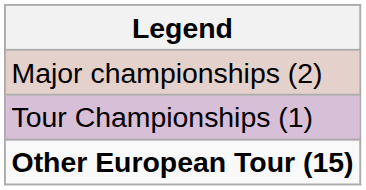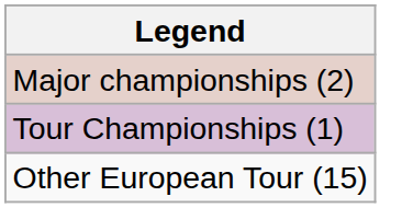 <table class="wikitable" style="font-size:95%;">
 <tr>
 <th>Legend</th>
 </tr>
 <tr style="background:#e5d1cb;">
 <td>Major championships (2)</td>
 </tr>
 <tr style="background:thistle">
 <td>Tour Championships (1)</td>
 </tr>
 <tr>
-<td><strong>Other European Tour (15)</strong></td>
+<td>Other European Tour (15)</td>
 </tr>
 </table>
